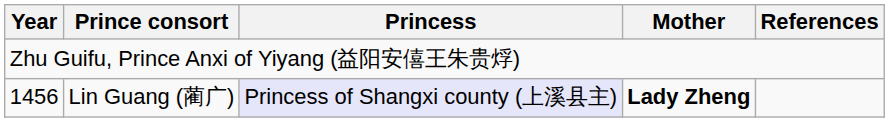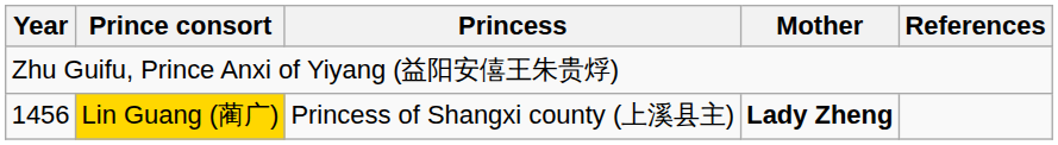 <table class="wikitable">
 <tr>
 <th>Year</th>
 <th>Prince consort</th>
 <th>Princess</th>
 <th>Mother</th>
 <th>References</th>
 </tr>
 <tr>
 <td colspan="5">Zhu Guifu, Prince Anxi of Yiyang (益阳安僖王朱贵烰)</td>
 </tr>
 <tr>
 <td>1456</td>
-<td>Lin Guang (蔺广)</td>
-<td style="background: lavender;">Princess of Shangxi county (上溪县主)</td>
+<td style="background: gold;">Lin Guang (蔺广)</td>
+<td>Princess of Shangxi county (上溪县主)</td>
 <td><strong>Lady Zheng</strong></td>
 <td></td>
 </tr>
 </table>
